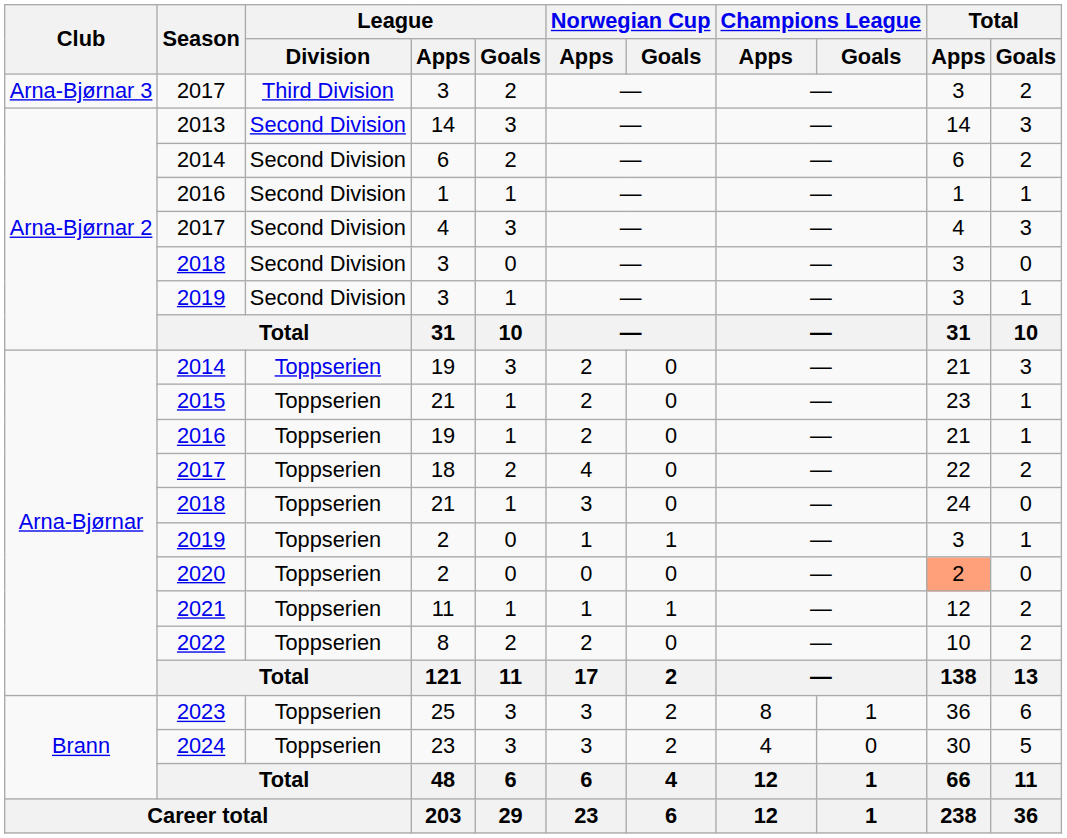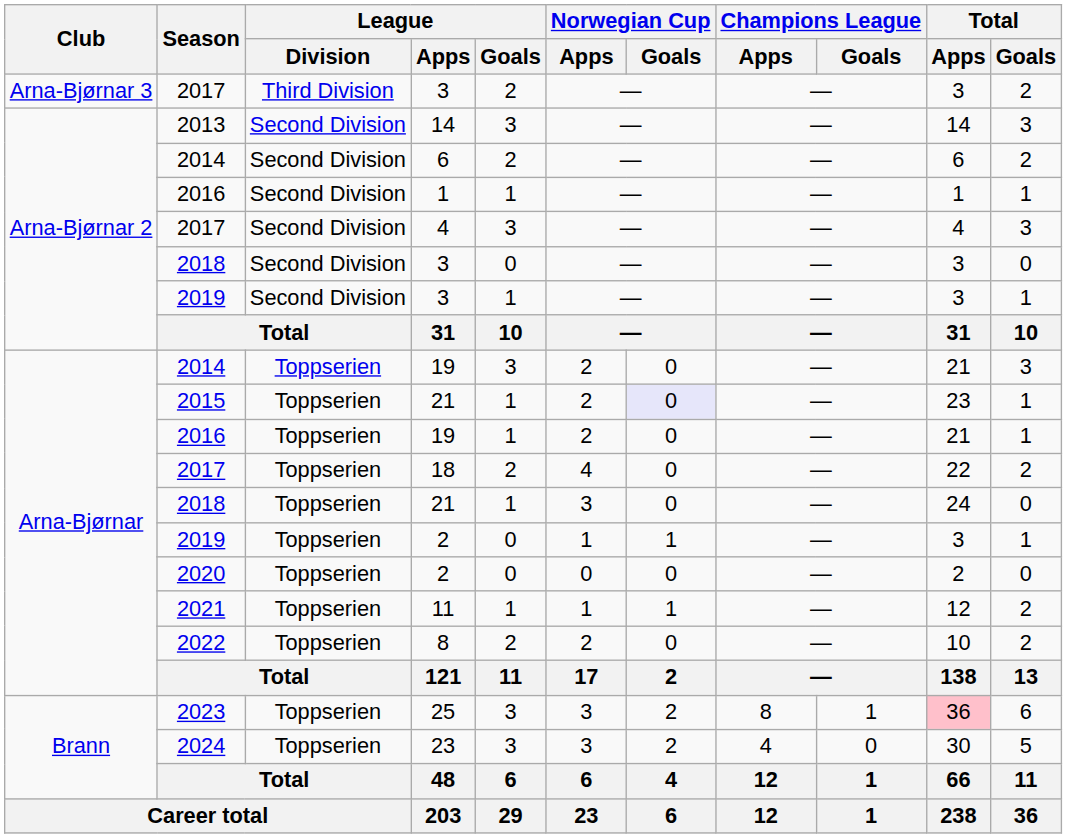 <table class="wikitable" style="text-align: center;">
 <tr>
 <th rowspan="2">Club</th>
 <th rowspan="2">Season</th>
 <th colspan="3">League</th>
 <th colspan="2"><a href='#'>Norwegian Cup</a></th>
 <th colspan="2"><a href='#'>Champions League</a></th>
 <th colspan="2">Total</th>
 </tr>
 <tr>
 <th>Division</th>
 <th>Apps</th>
 <th>Goals</th>
 <th>Apps</th>
 <th>Goals</th>
 <th>Apps</th>
 <th>Goals</th>
 <th>Apps</th>
 <th>Goals</th>
 </tr>
 <tr>
 <td><a href='#'>Arna-Bjørnar 3</a></td>
 <td>2017</td>
 <td><a href='#'>Third Division</a></td>
 <td>3</td>
 <td>2</td>
 <td colspan=2>—</td>
 <td colspan=2>—</td>
 <td>3</td>
 <td>2</td>
 </tr>
 <tr>
 <td rowspan=7><a href='#'>Arna-Bjørnar 2</a></td>
 <td>2013</td>
 <td><a href='#'>Second Division</a></td>
 <td>14</td>
 <td>3</td>
 <td colspan=2>—</td>
 <td colspan=2>—</td>
 <td>14</td>
 <td>3</td>
 </tr>
 <tr>
 <td>2014</td>
 <td>Second Division</td>
 <td>6</td>
 <td>2</td>
 <td colspan=2>—</td>
 <td colspan=2>—</td>
 <td>6</td>
 <td>2</td>
 </tr>
 <tr>
 <td>2016</td>
 <td>Second Division</td>
 <td>1</td>
 <td>1</td>
 <td colspan=2>—</td>
 <td colspan=2>—</td>
 <td>1</td>
 <td>1</td>
 </tr>
 <tr>
 <td>2017</td>
 <td>Second Division</td>
 <td>4</td>
 <td>3</td>
 <td colspan=2>—</td>
 <td colspan=2>—</td>
 <td>4</td>
 <td>3</td>
 </tr>
 <tr>
 <td><a href='#'>2018</a></td>
 <td>Second Division</td>
 <td>3</td>
 <td>0</td>
 <td colspan=2>—</td>
 <td colspan=2>—</td>
 <td>3</td>
 <td>0</td>
 </tr>
 <tr>
 <td><a href='#'>2019</a></td>
 <td>Second Division</td>
 <td>3</td>
 <td>1</td>
 <td colspan=2>—</td>
 <td colspan=2>—</td>
 <td>3</td>
 <td>1</td>
 </tr>
 <tr>
 <th colspan="2">Total</th>
 <th>31</th>
 <th>10</th>
 <th colspan=2>—</th>
 <th colspan=2>—</th>
 <th>31</th>
 <th>10</th>
 </tr>
 <tr>
 <td rowspan=10><a href='#'>Arna-Bjørnar</a></td>
 <td><a href='#'>2014</a></td>
 <td><a href='#'>Toppserien</a></td>
 <td>19</td>
 <td>3</td>
 <td>2</td>
 <td>0</td>
 <td colspan=2>—</td>
 <td>21</td>
 <td>3</td>
 </tr>
 <tr>
 <td><a href='#'>2015</a></td>
 <td>Toppserien</td>
 <td>21</td>
 <td>1</td>
 <td>2</td>
-<td>0</td>
+<td style="background: lavender;">0</td>
 <td colspan=2>—</td>
 <td>23</td>
 <td>1</td>
 </tr>
 <tr>
 <td><a href='#'>2016</a></td>
 <td>Toppserien</td>
 <td>19</td>
 <td>1</td>
 <td>2</td>
 <td>0</td>
 <td colspan=2>—</td>
 <td>21</td>
 <td>1</td>
 </tr>
 <tr>
 <td><a href='#'>2017</a></td>
 <td>Toppserien</td>
 <td>18</td>
 <td>2</td>
 <td>4</td>
 <td>0</td>
 <td colspan=2>—</td>
 <td>22</td>
 <td>2</td>
 </tr>
 <tr>
 <td><a href='#'>2018</a></td>
 <td>Toppserien</td>
 <td>21</td>
 <td>1</td>
 <td>3</td>
 <td>0</td>
 <td colspan=2>—</td>
 <td>24</td>
 <td>0</td>
 </tr>
 <tr>
 <td><a href='#'>2019</a></td>
 <td>Toppserien</td>
 <td>2</td>
 <td>0</td>
 <td>1</td>
 <td>1</td>
 <td colspan=2>—</td>
 <td>3</td>
 <td>1</td>
 </tr>
 <tr>
 <td><a href='#'>2020</a></td>
 <td>Toppserien</td>
 <td>2</td>
 <td>0</td>
 <td>0</td>
 <td>0</td>
 <td colspan=2>—</td>
-<td style="background: lightsalmon;">2</td>
+<td>2</td>
 <td>0</td>
 </tr>
 <tr>
 <td><a href='#'>2021</a></td>
 <td>Toppserien</td>
 <td>11</td>
 <td>1</td>
 <td>1</td>
 <td>1</td>
 <td colspan=2>—</td>
 <td>12</td>
 <td>2</td>
 </tr>
 <tr>
 <td><a href='#'>2022</a></td>
 <td>Toppserien</td>
 <td>8</td>
 <td>2</td>
 <td>2</td>
 <td>0</td>
 <td colspan=2>—</td>
 <td>10</td>
 <td>2</td>
 </tr>
 <tr>
 <th colspan="2">Total</th>
 <th>121</th>
 <th>11</th>
 <th>17</th>
 <th>2</th>
 <th colspan=2>—</th>
 <th>138</th>
 <th>13</th>
 </tr>
 <tr>
 <td rowspan="3"><a href='#'>Brann</a></td>
 <td><a href='#'>2023</a></td>
 <td>Toppserien</td>
 <td>25</td>
 <td>3</td>
 <td>3</td>
 <td>2</td>
 <td>8</td>
 <td>1</td>
-<td>36</td>
+<td style="background: pink;">36</td>
 <td>6</td>
 </tr>
 <tr>
 <td><a href='#'>2024</a></td>
 <td>Toppserien</td>
 <td>23</td>
 <td>3</td>
 <td>3</td>
 <td>2</td>
 <td>4</td>
 <td>0</td>
 <td>30</td>
 <td>5</td>
 </tr>
 <tr>
 <th colspan="2">Total</th>
 <th>48</th>
 <th>6</th>
 <th>6</th>
 <th>4</th>
 <th>12</th>
 <th>1</th>
 <th>66</th>
 <th>11</th>
 </tr>
 <tr>
 <th colspan="3">Career total</th>
 <th>203</th>
 <th>29</th>
 <th>23</th>
 <th>6</th>
 <th>12</th>
 <th>1</th>
 <th>238</th>
 <th>36</th>
 </tr>
 </table>
